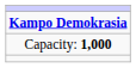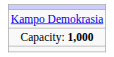 <table class="wikitable" style="text-align:center; margin:1em auto;">
 <tr>
 <th style="background-color:#CCCCFF"></th>
 </tr>
 <tr>
-<td><strong><a href='#'>Kampo Demokrasia</a></strong></td>
+<td><a href='#'>Kampo Demokrasia</a></td>
 </tr>
 <tr>
 <td>Capacity: <strong>1,000</strong></td>
 </tr>
 <tr>
 <td></td>
 </tr>
 </table>
